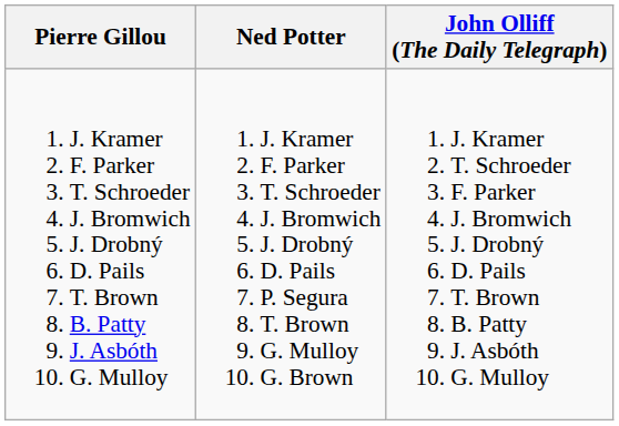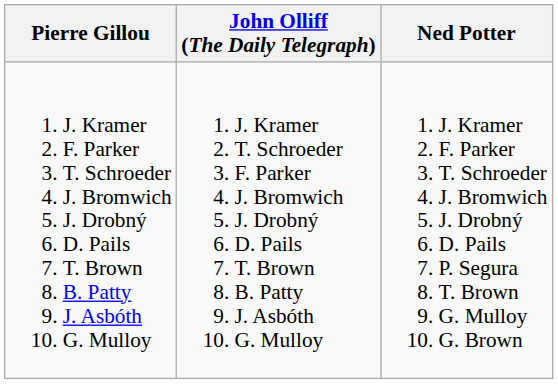 <table class="wikitable">
 <tr>
 <th>Pierre Gillou</th>
+<th><a href='#'>John Olliff</a><br>(<em>The Daily Telegraph</em>)</th>
 <th>Ned Potter</th>
-<th><a href='#'>John Olliff</a><br>(<em>The Daily Telegraph</em>)</th>
 </tr>
 <tr style="vertical-align: top;">
 <td style="white-space: nowrap;"><br><ol><li> J. Kramer</li><li> F. Parker</li><li> T. Schroeder</li><li> J. Bromwich</li><li> J. Drobný</li><li> D. Pails</li><li> T. Brown</li><li> <a href='#'>B. Patty</a></li><li> <a href='#'>J. Asbóth</a></li><li> G. Mulloy</li></ol></td>
+<td style="white-space: nowrap;"><br><ol><li> J. Kramer</li><li> T. Schroeder</li><li> F. Parker</li><li> J. Bromwich</li><li> J. Drobný</li><li> D. Pails</li><li> T. Brown</li><li> B. Patty</li><li> J. Asbóth</li><li> G. Mulloy</li></ol></td>
 <td style="white-space: nowrap;"><br><ol><li> J. Kramer</li><li> F. Parker</li><li> T. Schroeder</li><li> J. Bromwich</li><li> J. Drobný</li><li> D. Pails</li><li> P. Segura</li><li> T. Brown</li><li> G. Mulloy</li><li> G. Brown</li></ol></td>
-<td style="white-space: nowrap;"><br><ol><li> J. Kramer</li><li> T. Schroeder</li><li> F. Parker</li><li> J. Bromwich</li><li> J. Drobný</li><li> D. Pails</li><li> T. Brown</li><li> B. Patty</li><li> J. Asbóth</li><li> G. Mulloy</li></ol></td>
 </tr>
 </table>
